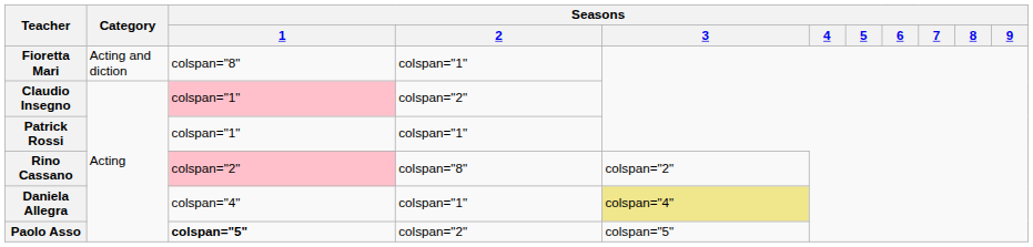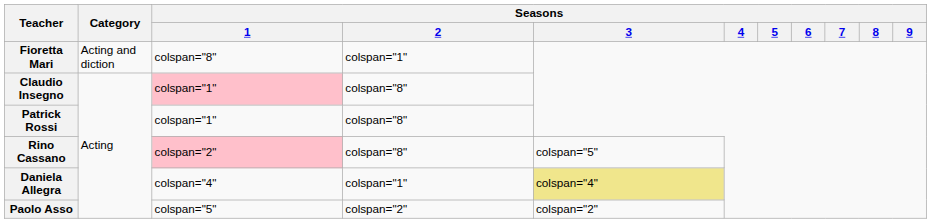 <table class="wikitable plainrowheaders collapsible mw-collapsible nowrap" style="width:100%" style="text-align:center">
 <tr>
 <th rowspan="2" style="width:08%">Teacher</th>
 <th rowspan="2" style="width:08%">Category</th>
 <th colspan="9">Seasons</th>
 </tr>
 <tr>
 <th><a href='#'>1</a></th>
 <th><a href='#'>2</a></th>
 <th><a href='#'>3</a></th>
 <th><a href='#'>4</a></th>
 <th><a href='#'>5</a></th>
 <th><a href='#'>6</a></th>
 <th><a href='#'>7</a></th>
 <th><a href='#'>8</a></th>
 <th><a href='#'>9</a></th>
 </tr>
 <tr>
 <th scope=row>Fioretta Mari</th>
 <td>Acting and diction</td>
 <td>colspan="8" </td>
 <td>colspan="1" </td>
 </tr>
 <tr>
 <th scope=row>Claudio Insegno</th>
 <td rowspan=5>Acting</td>
 <td style="background: pink;">colspan="1" </td>
-<td>colspan="2" </td>
+<td>colspan="8" </td>
 </tr>
 <tr>
 <th scope=row>Patrick Rossi</th>
 <td>colspan="1" </td>
-<td>colspan="1" </td>
+<td>colspan="8" </td>
 </tr>
 <tr>
 <th scope=row>Rino Cassano</th>
 <td style="background: pink;">colspan="2" </td>
 <td>colspan="8" </td>
-<td>colspan="2" </td>
+<td>colspan="5" </td>
 </tr>
 <tr>
 <th scope=row>Daniela Allegra</th>
 <td>colspan="4" </td>
 <td>colspan="1" </td>
 <td style="background: khaki;">colspan="4" </td>
 </tr>
 <tr>
 <th scope=row>Paolo Asso</th>
-<td><strong>colspan="5" </strong></td>
+<td>colspan="5" </td>
 <td>colspan="2" </td>
-<td>colspan="5" </td>
+<td>colspan="2" </td>
 </tr>
 </table>
